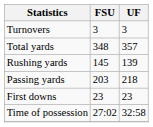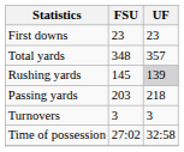 <table class="wikitable">
 <tr>
 <th>Statistics</th>
 <th>FSU</th>
 <th>UF</th>
 </tr>
 <tr>
-<td>Turnovers</td>
-<td>3</td>
-<td>3</td>
+<td>First downs</td>
+<td>23</td>
+<td>23</td>
 </tr>
 <tr>
 <td>Total yards</td>
 <td>348</td>
 <td>357</td>
 </tr>
 <tr>
 <td>Rushing yards</td>
 <td>145</td>
-<td>139</td>
+<td style="background: lightgrey;">139</td>
 </tr>
 <tr>
 <td>Passing yards</td>
 <td>203</td>
 <td>218</td>
 </tr>
 <tr>
-<td>First downs</td>
-<td>23</td>
-<td>23</td>
+<td>Turnovers</td>
+<td>3</td>
+<td>3</td>
 </tr>
 <tr>
 <td>Time of possession</td>
 <td>27:02</td>
 <td>32:58</td>
 </tr>
 <tr>
 </tr>
 </table>
